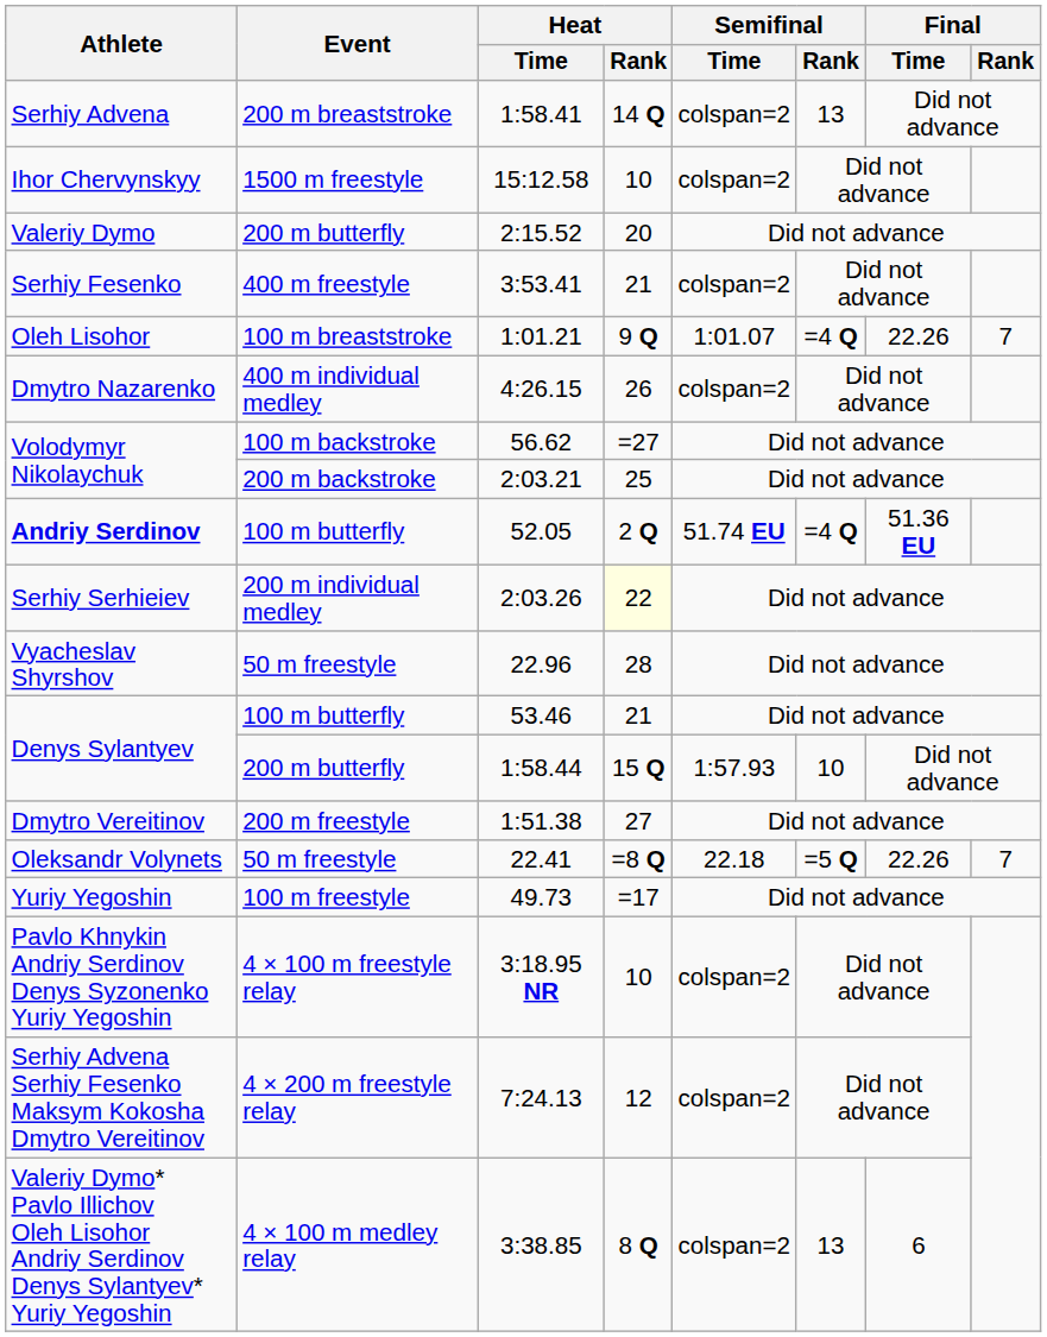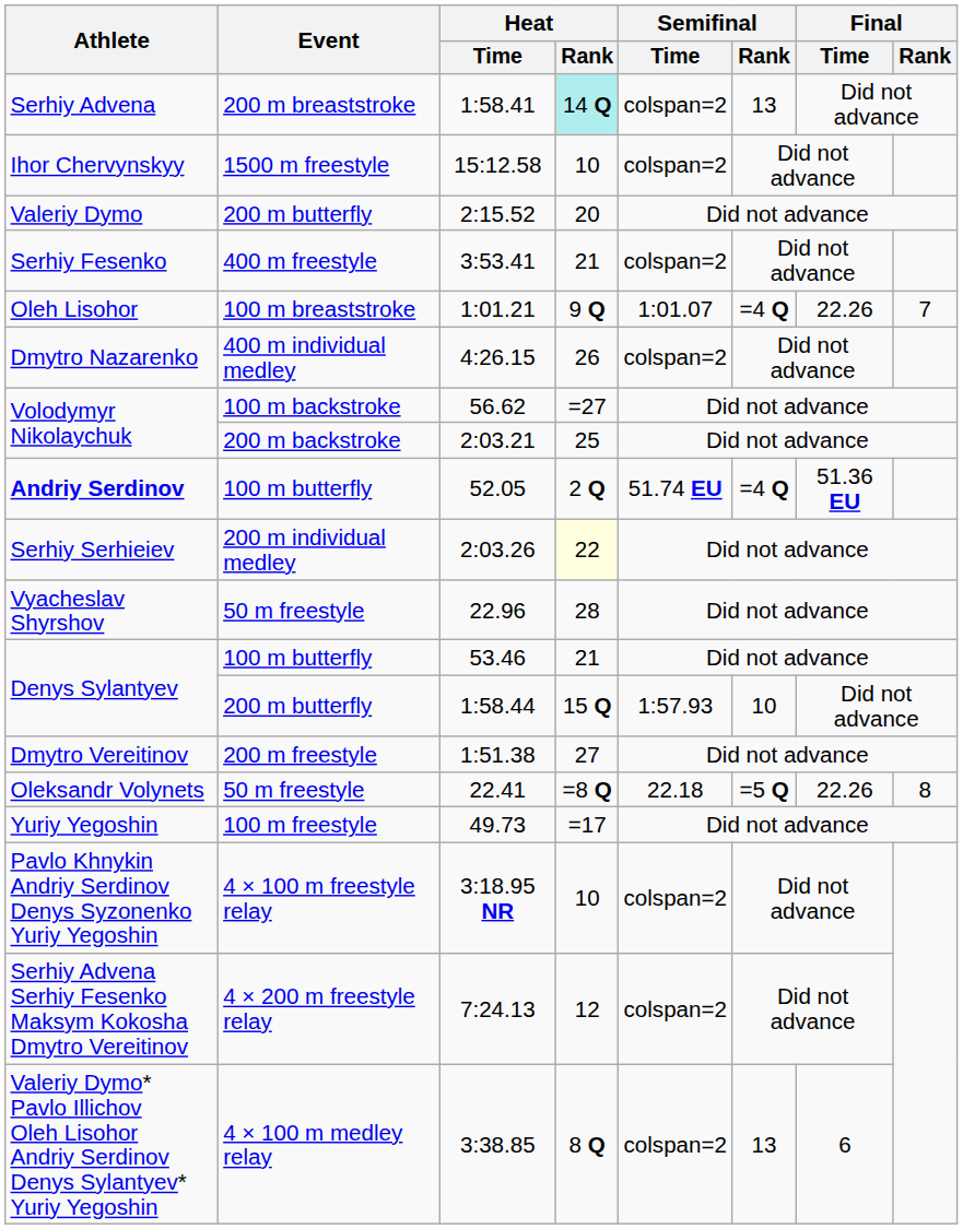 <table class=wikitable style="font-size:90%">
 <tr>
 <th rowspan="2">Athlete</th>
 <th rowspan="2">Event</th>
 <th colspan="2">Heat</th>
 <th colspan="2">Semifinal</th>
 <th colspan="2">Final</th>
 </tr>
 <tr style="font-size:95%">
 <th>Time</th>
 <th>Rank</th>
 <th>Time</th>
 <th>Rank</th>
 <th>Time</th>
 <th>Rank</th>
 </tr>
 <tr align=center>
 <td align=left><a href='#'>Serhiy Advena</a></td>
 <td align=left><a href='#'>200 m breaststroke</a></td>
 <td>1:58.41</td>
-<td>14 <strong>Q</strong></td>
+<td style="background: paleturquoise;">14 <strong>Q</strong></td>
 <td>colspan=2 </td>
 <td>13</td>
 <td colspan=2>Did not advance</td>
 </tr>
 <tr align=center>
 <td align=left><a href='#'>Ihor Chervynskyy</a></td>
 <td align=left><a href='#'>1500 m freestyle</a></td>
 <td>15:12.58</td>
 <td>10</td>
 <td>colspan=2 </td>
 <td colspan=2>Did not advance</td>
 </tr>
 <tr align=center>
 <td align=left><a href='#'>Valeriy Dymo</a></td>
 <td align=left><a href='#'>200 m butterfly</a></td>
 <td>2:15.52</td>
 <td>20</td>
 <td colspan=4>Did not advance</td>
 </tr>
 <tr align=center>
 <td align=left><a href='#'>Serhiy Fesenko</a></td>
 <td align=left><a href='#'>400 m freestyle</a></td>
 <td>3:53.41</td>
 <td>21</td>
 <td>colspan=2 </td>
 <td colspan=2>Did not advance</td>
 </tr>
 <tr align=center>
 <td align=left><a href='#'>Oleh Lisohor</a></td>
 <td align=left><a href='#'>100 m breaststroke</a></td>
 <td>1:01.21</td>
 <td>9 <strong>Q</strong></td>
 <td>1:01.07</td>
 <td>=4 <strong>Q</strong></td>
 <td>22.26</td>
 <td>7</td>
 </tr>
 <tr align=center>
 <td align=left><a href='#'>Dmytro Nazarenko</a></td>
 <td align=left><a href='#'>400 m individual medley</a></td>
 <td>4:26.15</td>
 <td>26</td>
 <td>colspan=2 </td>
 <td colspan=2>Did not advance</td>
 </tr>
 <tr align=center>
 <td align=left rowspan=2><a href='#'>Volodymyr Nikolaychuk</a></td>
 <td align=left><a href='#'>100 m backstroke</a></td>
 <td>56.62</td>
 <td>=27</td>
 <td colspan=4>Did not advance</td>
 </tr>
 <tr align=center>
 <td align=left><a href='#'>200 m backstroke</a></td>
 <td>2:03.21</td>
 <td>25</td>
 <td colspan=4>Did not advance</td>
 </tr>
 <tr align=center>
 <td align=left><strong><a href='#'>Andriy Serdinov</a></strong></td>
 <td align=left><a href='#'>100 m butterfly</a></td>
 <td>52.05</td>
 <td>2 <strong>Q</strong></td>
 <td>51.74 <strong><a href='#'>EU</a></strong></td>
 <td>=4 <strong>Q</strong></td>
 <td>51.36 <strong><a href='#'>EU</a></strong></td>
 <td></td>
 </tr>
 <tr align=center>
 <td align=left><a href='#'>Serhiy Serhieiev</a></td>
 <td align=left><a href='#'>200 m individual medley</a></td>
 <td>2:03.26</td>
 <td style="background: lightyellow;">22</td>
 <td colspan=4>Did not advance</td>
 </tr>
 <tr align=center>
 <td align=left><a href='#'>Vyacheslav Shyrshov</a></td>
 <td align=left><a href='#'>50 m freestyle</a></td>
 <td>22.96</td>
 <td>28</td>
 <td colspan=4>Did not advance</td>
 </tr>
 <tr align=center>
 <td align=left rowspan=2><a href='#'>Denys Sylantyev</a></td>
 <td align=left><a href='#'>100 m butterfly</a></td>
 <td>53.46</td>
 <td>21</td>
 <td colspan=4>Did not advance</td>
 </tr>
 <tr align=center>
 <td align=left><a href='#'>200 m butterfly</a></td>
 <td>1:58.44</td>
 <td>15 <strong>Q</strong></td>
 <td>1:57.93</td>
 <td>10</td>
 <td colspan=2>Did not advance</td>
 </tr>
 <tr align=center>
 <td align=left><a href='#'>Dmytro Vereitinov</a></td>
 <td align=left><a href='#'>200 m freestyle</a></td>
 <td>1:51.38</td>
 <td>27</td>
 <td colspan=4>Did not advance</td>
 </tr>
 <tr align=center>
 <td align=left><a href='#'>Oleksandr Volynets</a></td>
 <td align=left><a href='#'>50 m freestyle</a></td>
 <td>22.41</td>
 <td>=8 <strong>Q</strong></td>
 <td>22.18</td>
 <td>=5 <strong>Q</strong></td>
 <td>22.26</td>
-<td>7</td>
+<td>8</td>
 </tr>
 <tr align=center>
 <td align=left><a href='#'>Yuriy Yegoshin</a></td>
 <td align=left><a href='#'>100 m freestyle</a></td>
 <td>49.73</td>
 <td>=17</td>
 <td colspan=4>Did not advance</td>
 </tr>
 <tr align=center>
 <td align=left><a href='#'>Pavlo Khnykin</a><br><a href='#'>Andriy Serdinov</a><br><a href='#'>Denys Syzonenko</a><br><a href='#'>Yuriy Yegoshin</a></td>
 <td align=left><a href='#'>4 × 100 m freestyle relay</a></td>
 <td>3:18.95 <strong><a href='#'>NR</a></strong></td>
 <td>10</td>
 <td>colspan=2 </td>
 <td colspan=2>Did not advance</td>
 </tr>
 <tr align=center>
 <td align=left><a href='#'>Serhiy Advena</a><br><a href='#'>Serhiy Fesenko</a><br><a href='#'>Maksym Kokosha</a><br><a href='#'>Dmytro Vereitinov</a></td>
 <td align=left><a href='#'>4 × 200 m freestyle relay</a></td>
 <td>7:24.13</td>
 <td>12</td>
 <td>colspan=2 </td>
 <td colspan=2>Did not advance</td>
 </tr>
 <tr align=center>
 <td align=left><a href='#'>Valeriy Dymo</a>*<br><a href='#'>Pavlo Illichov</a><br><a href='#'>Oleh Lisohor</a><br><a href='#'>Andriy Serdinov</a><br><a href='#'>Denys Sylantyev</a>*<br><a href='#'>Yuriy Yegoshin</a></td>
 <td align=left><a href='#'>4 × 100 m medley relay</a></td>
 <td>3:38.85</td>
 <td>8 <strong>Q</strong></td>
 <td>colspan=2 </td>
 <td>13</td>
 <td>6</td>
 </tr>
 </table>
